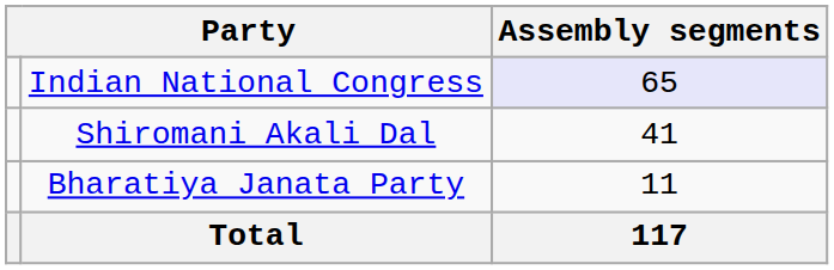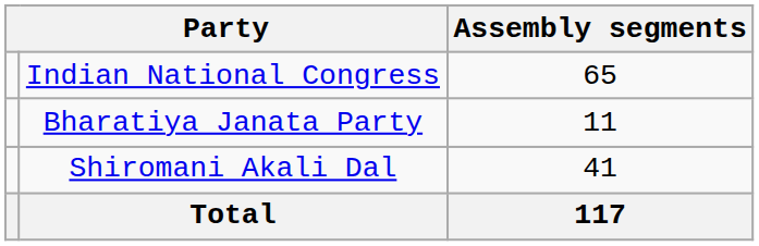 <table class="wikitable" style="text-align:center">
 <tr>
 <th colspan=2>Party</th>
 <th>Assembly segments</th>
 </tr>
 <tr>
 <td></td>
 <td><a href='#'>Indian National Congress</a></td>
-<td style="background: lavender;">65</td>
+<td>65</td>
+</tr>
+<tr>
+<td></td>
+<td><a href='#'>Bharatiya Janata Party</a></td>
+<td>11</td>
 </tr>
 <tr>
 <td></td>
 <td><a href='#'>Shiromani Akali Dal</a></td>
 <td>41</td>
 </tr>
 <tr>
-<td></td>
-<td><a href='#'>Bharatiya Janata Party</a></td>
-<td>11</td>
-</tr>
-<tr>
 <th></th>
 <th>Total</th>
 <th>117</th>
 </tr>
 </table>
